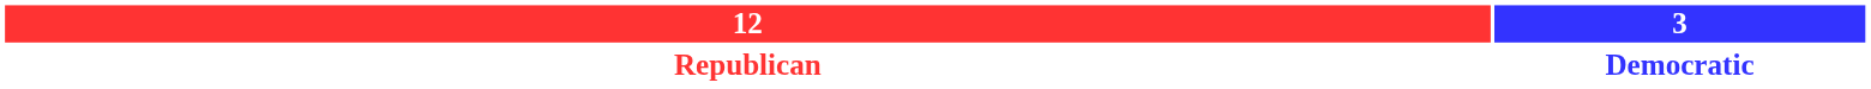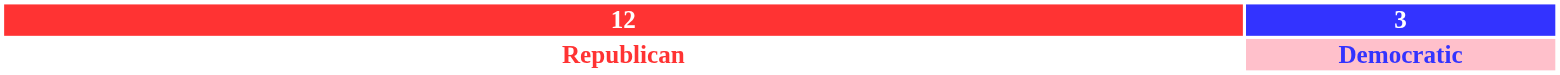 <table style="width:50%">
 <tr>
 <td scope="row" colspan="3" style="text-align:center"></td>
 </tr>
 <tr>
 <td scope="row" style="background:#F33; width:80%; text-align:center; color:white"><strong>12</strong></td>
 <td style="background:#33F; width:20%; text-align:center; color:white"><strong>3</strong></td>
 </tr>
 <tr>
 <td scope="row" style="text-align:center; color:#F33"><strong>Republican</strong></td>
-<td style="text-align:center; color:#33F"><strong>Democratic</strong></td>
+<td style="background: pink; text-align:center; color:#33F"><strong>Democratic</strong></td>
 </tr>
 </table>
